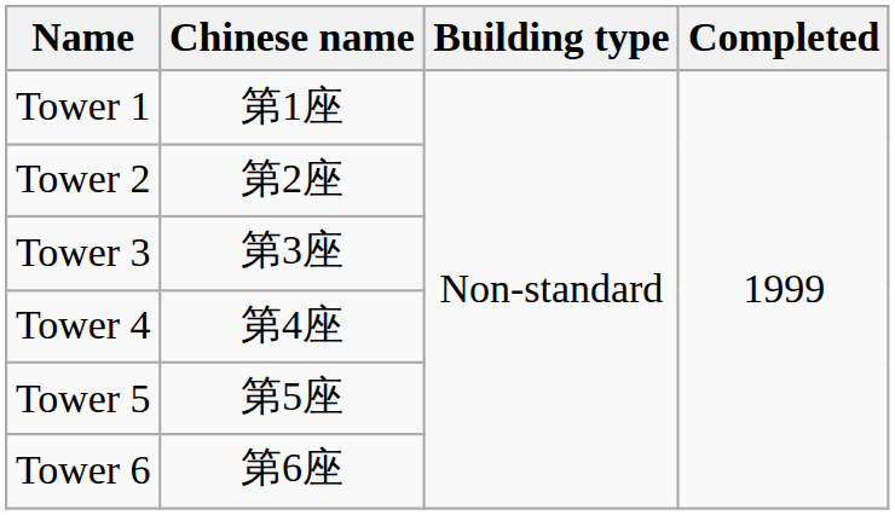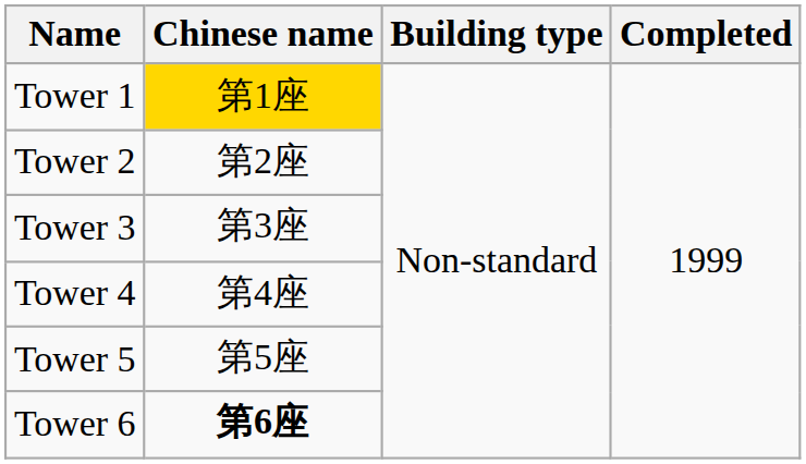 <table class="wikitable" style="text-align: center">
 <tr>
 <th>Name</th>
 <th>Chinese name</th>
 <th>Building type</th>
 <th>Completed</th>
 </tr>
 <tr>
 <td>Tower 1</td>
-<td>第1座</td>
+<td style="background: gold;">第1座</td>
 <td rowspan="6">Non-standard</td>
 <td rowspan="6">1999</td>
 </tr>
 <tr>
 <td>Tower 2</td>
 <td>第2座</td>
 </tr>
 <tr>
 <td>Tower 3</td>
 <td>第3座</td>
 </tr>
 <tr>
 <td>Tower 4</td>
 <td>第4座</td>
 </tr>
 <tr>
 <td>Tower 5</td>
 <td>第5座</td>
 </tr>
 <tr>
 <td>Tower 6</td>
-<td>第6座</td>
+<td><strong>第6座</strong></td>
 </tr>
 </table>
